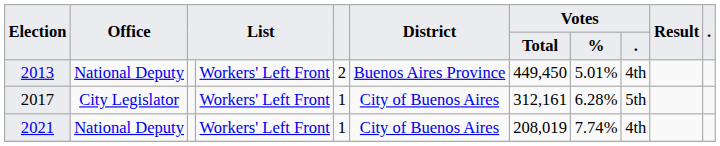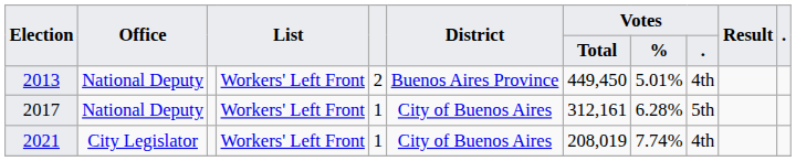 <table class="wikitable" style="font-size:90%; text-align:center;">
 <tr>
 <th style="background-color:#EAECF0;" rowspan=2>Election</th>
 <th style="background-color:#EAECF0;" rowspan=2>Office</th>
 <th style="background-color:#EAECF0;" colspan=2 rowspan=2>List</th>
 <th style="background-color:#EAECF0;" rowspan=2></th>
 <th style="background-color:#EAECF0;" rowspan=2>District</th>
 <th style="background-color:#EAECF0;" colspan=3>Votes</th>
 <th style="background-color:#EAECF0;" rowspan=2>Result</th>
 <th style="background-color:#EAECF0;" rowspan=2>.</th>
 </tr>
 <tr>
 <th style="background-color:#EAECF0;">Total</th>
 <th style="background-color:#EAECF0;">%</th>
 <th style="background-color:#EAECF0;">.</th>
 </tr>
 <tr>
 <td style="background-color:#EAECF0;"><a href='#'>2013</a></td>
 <td><a href='#'>National Deputy</a></td>
 <td style="background-color:"></td>
 <td><a href='#'>Workers' Left Front</a></td>
 <td>2</td>
 <td><a href='#'>Buenos Aires Province</a></td>
 <td>449,450</td>
 <td>5.01%</td>
 <td>4th</td>
 <td></td>
 <td></td>
 </tr>
 <tr>
 <td style="background-color:#EAECF0;">2017</td>
-<td><a href='#'>City Legislator</a></td>
+<td><a href='#'>National Deputy</a></td>
 <td style="background-color:"></td>
 <td><a href='#'>Workers' Left Front</a></td>
 <td>1</td>
 <td><a href='#'>City of Buenos Aires</a></td>
 <td>312,161</td>
 <td>6.28%</td>
 <td>5th</td>
 <td></td>
 <td></td>
 </tr>
 <tr>
 <td style="background-color:#EAECF0;"><a href='#'>2021</a></td>
-<td><a href='#'>National Deputy</a></td>
+<td><a href='#'>City Legislator</a></td>
 <td style="background-color:"></td>
 <td><a href='#'>Workers' Left Front</a></td>
 <td>1</td>
 <td><a href='#'>City of Buenos Aires</a></td>
 <td>208,019</td>
 <td>7.74%</td>
 <td>4th</td>
 <td></td>
 <td></td>
 </tr>
 <tr>
 </tr>
 </table>
